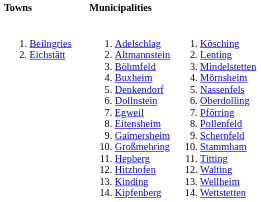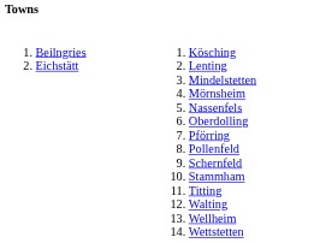 <table>
 <tr>
 <th align=left width=33%>Towns</th>
-<th align=left width=33%>Municipalities</th>
 <th align=left width=33%></th>
 </tr>
 <tr valign=top>
 <td><br><ol><li><a href='#'>Beilngries</a></li><li><a href='#'>Eichstätt</a></li></ol></td>
-<td><br><ol><li><a href='#'>Adelschlag</a></li><li><a href='#'>Altmannstein</a></li><li><a href='#'>Böhmfeld</a></li><li><a href='#'>Buxheim</a></li><li><a href='#'>Denkendorf</a></li><li><a href='#'>Dollnstein</a></li><li><a href='#'>Egweil</a></li><li><a href='#'>Eitensheim</a></li><li><a href='#'>Gaimersheim</a></li><li><a href='#'>Großmehring</a></li><li><a href='#'>Hepberg</a></li><li><a href='#'>Hitzhofen</a></li><li><a href='#'>Kinding</a></li><li><a href='#'>Kipfenberg</a></li></ol></td>
 <td><br><ol> <li> <a href='#'>Kösching</a> <li> <a href='#'>Lenting</a> <li> <a href='#'>Mindelstetten</a> <li> <a href='#'>Mörnsheim</a> <li> <a href='#'>Nassenfels</a> <li> <a href='#'>Oberdolling</a> <li> <a href='#'>Pförring</a> <li> <a href='#'>Pollenfeld</a> <li> <a href='#'>Schernfeld</a> <li> <a href='#'>Stammham</a> <li> <a href='#'>Titting</a> <li> <a href='#'>Walting</a> <li> <a href='#'>Wellheim</a> <li> <a href='#'>Wettstetten</a> </ol></td>
 </tr>
 </table>
